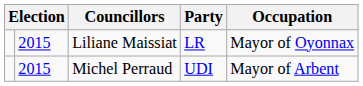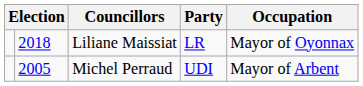 <table class="wikitable">
 <tr>
 <th colspan="2">Election</th>
 <th>Councillors</th>
 <th>Party</th>
 <th>Occupation</th>
 </tr>
 <tr>
 <td style="background-color: "></td>
-<td><a href='#'>2015</a></td>
+<td><a href='#'>2018</a></td>
 <td>Liliane Maissiat</td>
 <td><a href='#'>LR</a></td>
 <td>Mayor of <a href='#'>Oyonnax</a></td>
 </tr>
 <tr>
 <td style="background-color: "></td>
-<td><a href='#'>2015</a></td>
+<td><a href='#'>2005</a></td>
 <td>Michel Perraud</td>
 <td><a href='#'>UDI</a></td>
 <td>Mayor of <a href='#'>Arbent</a></td>
 </tr>
 </table>
